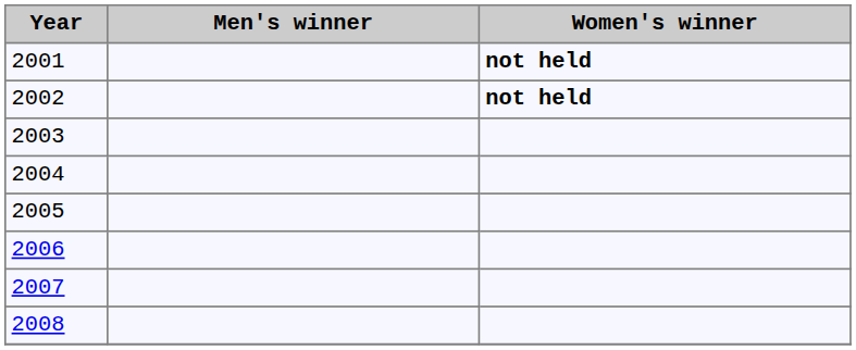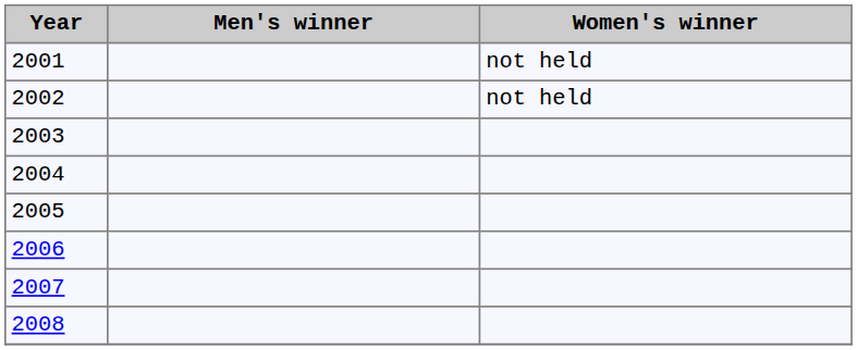 <table bgcolor="#f7f8ff" cellpadding="3" cellspacing="0" border="1" style="font-size: 95%; border: gray solid 1px; border-collapse: collapse;">
 <tr bgcolor="#CCCCCC">
 <td align="center" width="50"><strong>Year</strong></td>
 <td align="center" width="200"><strong>Men's winner</strong></td>
 <td align="center" width="200"><strong>Women's winner</strong></td>
 </tr>
 <tr align="left">
 <td>2001</td>
 <td></td>
-<td><strong>not held</strong></td>
+<td>not held</td>
 </tr>
 <tr align="left">
 <td>2002</td>
 <td></td>
-<td><strong>not held</strong></td>
+<td>not held</td>
 </tr>
 <tr align="left">
 <td>2003</td>
 <td></td>
 <td></td>
 </tr>
 <tr align="left">
 <td>2004</td>
 <td></td>
 <td></td>
 </tr>
 <tr align="left">
 <td>2005</td>
 <td></td>
 <td></td>
 </tr>
 <tr align="left">
 <td><a href='#'>2006</a></td>
 <td></td>
 <td></td>
 </tr>
 <tr align="left">
 <td><a href='#'>2007</a></td>
 <td></td>
 <td></td>
 </tr>
 <tr align="left">
 <td><a href='#'>2008</a></td>
 <td></td>
 <td></td>
 </tr>
 <tr>
 </tr>
 </table>
